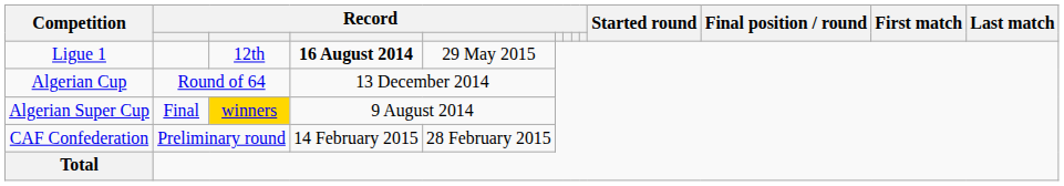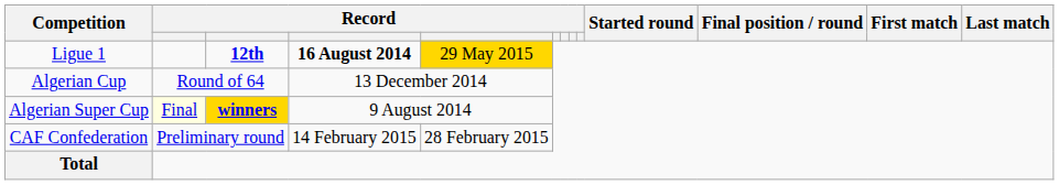 <table class="wikitable" style="text-align: center">
 <tr>
 <th rowspan=2>Competition</th>
 <th colspan=8>Record</th>
 <th rowspan=2>Started round</th>
 <th rowspan=2>Final position / round</th>
 <th rowspan=2>First match</th>
 <th rowspan=2>Last match</th>
 </tr>
 <tr>
 <th></th>
 <th></th>
 <th></th>
 <th></th>
 <th></th>
 <th></th>
 <th></th>
 <th></th>
 </tr>
 <tr>
 <td><a href='#'>Ligue 1</a><br></td>
 <td></td>
-<td><a href='#'>12th</a></td>
+<td><strong><a href='#'>12th</a></strong></td>
 <td><strong>16 August 2014</strong></td>
-<td>29 May 2015</td>
+<td style="background: gold;">29 May 2015</td>
 </tr>
 <tr>
 <td><a href='#'>Algerian Cup</a><br></td>
 <td colspan=2><a href='#'>Round of 64</a></td>
 <td colspan=2>13 December 2014</td>
 </tr>
 <tr>
 <td><a href='#'>Algerian Super Cup</a><br></td>
-<td><a href='#'>Final</a></td>
-<td style="background:gold;"><a href='#'>winners</a></td>
+<td style="background: lightyellow;"><a href='#'>Final</a></td>
+<td style="background:gold;"><strong><a href='#'>winners</a></strong></td>
 <td colspan=2>9 August 2014</td>
 </tr>
 <tr>
 <td><a href='#'>CAF Confederation</a><br></td>
 <td colspan=2><a href='#'>Preliminary round</a></td>
 <td>14 February 2015</td>
 <td>28 February 2015</td>
 </tr>
 <tr>
 <th>Total<br></th>
 </tr>
 </table>
